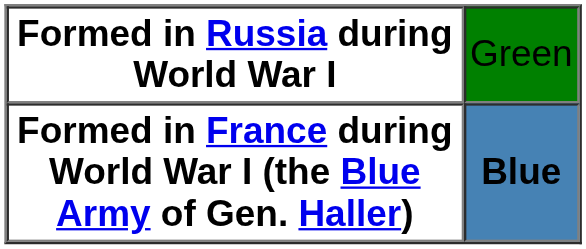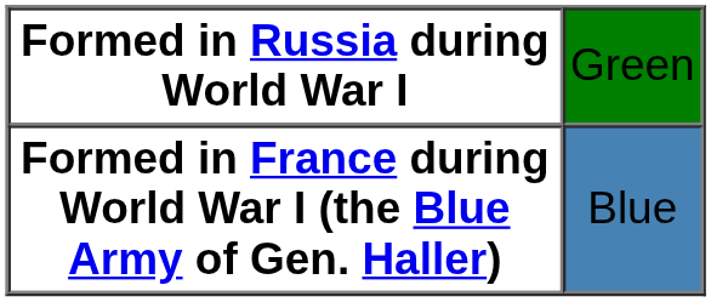 <table border=1 width=250 cellpadding=2 cellspacing=0 align=right>
 <tr>
 <th>Formed in <a href='#'>Russia</a> during World War I</th>
 <td align=center bgcolor=Green>Green</td>
 </tr>
 <tr>
 <th>Formed in <a href='#'>France</a> during World War I (the <a href='#'>Blue Army</a> of Gen. <a href='#'>Haller</a>)</th>
-<td align=center bgcolor=#4682b4><strong>Blue</strong></td>
+<td align=center bgcolor=#4682b4>Blue</td>
 </tr>
 </table>
